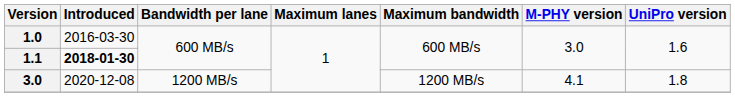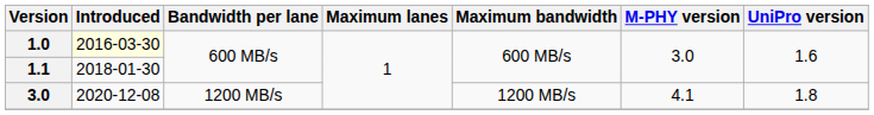 <table class="wikitable" style="text-align: center;">
 <tr>
 <th scope="col">Version</th>
 <th scope="col">Introduced</th>
 <th scope="col">Bandwidth per lane</th>
 <th scope="col">Maximum lanes</th>
 <th scope="col">Maximum bandwidth</th>
 <th scope="col"><a href='#'>M-PHY</a> version</th>
 <th scope="col"><a href='#'>UniPro</a> version</th>
 </tr>
 <tr>
 <th scope="row">1.0</th>
-<td>2016-03-30</td>
+<td style="background: lightyellow;">2016-03-30</td>
 <td rowspan="2">600 MB/s</td>
 <td rowspan="3" style="text-align: center;">1</td>
 <td rowspan="2">600 MB/s</td>
 <td rowspan="2">3.0</td>
 <td rowspan="2">1.6</td>
 </tr>
 <tr>
 <th scope="row">1.1</th>
-<td><strong>2018-01-30</strong></td>
+<td>2018-01-30</td>
 </tr>
 <tr>
 <th scope="row">3.0</th>
 <td>2020-12-08</td>
 <td>1200 MB/s</td>
 <td>1200 MB/s</td>
 <td>4.1</td>
 <td>1.8</td>
 </tr>
 <tr>
 </tr>
 </table>
